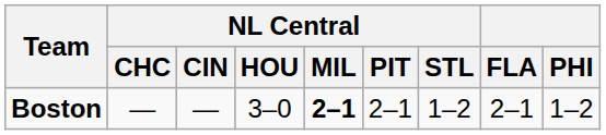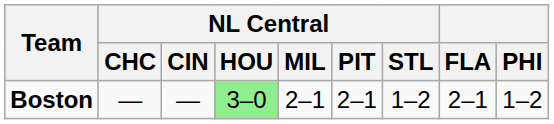 <table class="wikitable" style="text-align:center; font-size: 95%;">
 <tr>
 <th rowspan=2>Team</th>
 <th colspan=6>NL Central</th>
 <th colspan=2> </th>
 </tr>
 <tr>
 <th><strong>CHC</strong></th>
 <th><strong>CIN</strong></th>
 <th><strong>HOU</strong></th>
 <th><strong>MIL</strong></th>
 <th><strong>PIT</strong></th>
 <th><strong>STL</strong></th>
 <th><strong>FLA</strong></th>
 <th><strong>PHI</strong></th>
 </tr>
 <tr>
 <td><strong>Boston</strong></td>
 <td>—</td>
 <td>—</td>
-<td>3–0</td>
-<td><strong>2–1</strong></td>
+<td style="background: lightgreen;">3–0</td>
+<td>2–1</td>
 <td>2–1</td>
 <td>1–2</td>
 <td>2–1</td>
 <td>1–2</td>
 </tr>
 </table>
